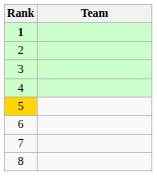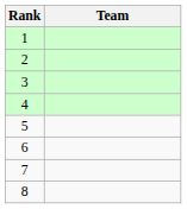 <table class="wikitable">
 <tr>
 <th>Rank</th>
 <th width=150>Team</th>
 </tr>
 <tr bgcolor=ccffcc>
-<td align=center><strong>1</strong></td>
+<td align=center>1</td>
 <td></td>
 </tr>
 <tr bgcolor=ccffcc>
 <td align=center>2</td>
 <td></td>
 </tr>
 <tr bgcolor=ccffcc>
 <td align=center>3</td>
 <td></td>
 </tr>
 <tr bgcolor=ccffcc>
 <td align=center>4</td>
 <td></td>
 </tr>
 <tr>
-<td align=center style="background: gold;">5</td>
+<td align=center>5</td>
 <td></td>
 </tr>
 <tr>
 <td align=center>6</td>
 <td></td>
 </tr>
 <tr>
 <td align=center>7</td>
 <td></td>
 </tr>
 <tr>
 <td align=center>8</td>
 <td></td>
 </tr>
 </table>
